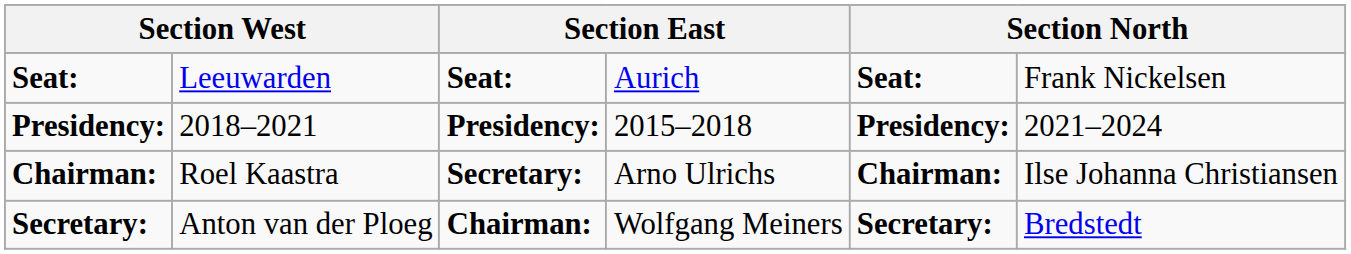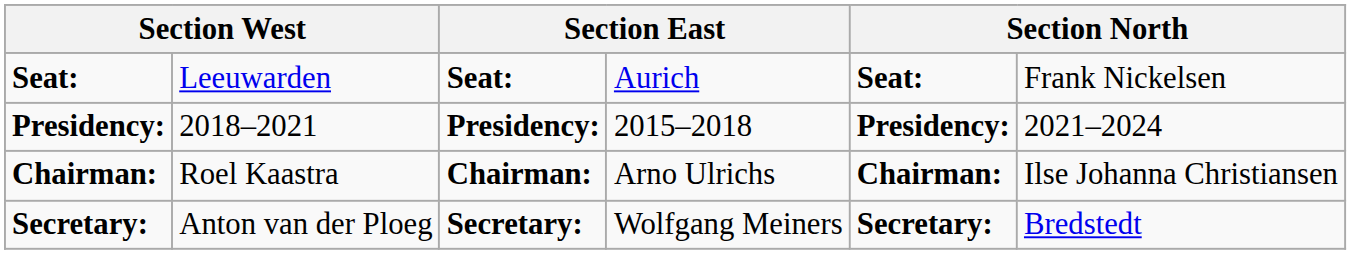 <table class="wikitable">
 <tr>
 <th colspan="2"> <strong>Section West</strong></th>
 <th colspan="2"> <strong>Section East</strong></th>
 <th colspan="2"> <strong>Section North</strong></th>
 </tr>
 <tr>
 <td><strong>Seat:</strong></td>
 <td><a href='#'>Leeuwarden</a></td>
 <td><strong>Seat:</strong></td>
 <td><a href='#'>Aurich</a></td>
 <td><strong>Seat:</strong></td>
 <td>Frank Nickelsen</td>
 </tr>
 <tr>
 <td><strong>Presidency:</strong></td>
 <td>2018–2021</td>
 <td><strong>Presidency:</strong></td>
 <td>2015–2018</td>
 <td><strong>Presidency:</strong></td>
 <td>2021–2024</td>
 </tr>
 <tr>
 <td><strong>Chairman:</strong></td>
 <td>Roel Kaastra</td>
-<td><strong>Secretary:</strong></td>
+<td><strong>Chairman:</strong></td>
 <td>Arno Ulrichs</td>
 <td><strong>Chairman:</strong></td>
 <td>Ilse Johanna Christiansen</td>
 </tr>
 <tr>
 <td><strong>Secretary:</strong></td>
 <td>Anton van der Ploeg</td>
-<td><strong>Chairman:</strong></td>
+<td><strong>Secretary:</strong></td>
 <td>Wolfgang Meiners</td>
 <td><strong>Secretary:</strong></td>
 <td><a href='#'>Bredstedt</a></td>
 </tr>
 </table>
